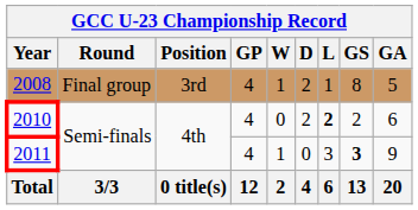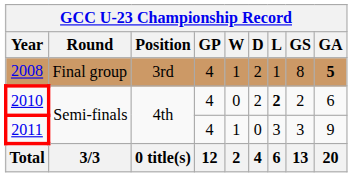 <table class="wikitable" style="text-align:center; font-size:89%;">
 <tr>
 <th colspan=9><a href='#'>GCC U-23 Championship Record</a></th>
 </tr>
 <tr>
 <th>Year</th>
 <th>Round</th>
 <th>Position</th>
 <th>GP</th>
 <th>W</th>
 <th>D</th>
 <th>L</th>
 <th>GS</th>
 <th>GA</th>
 </tr>
 <tr bgcolor="#cc9966">
 <td> <a href='#'>2008</a></td>
 <td>Final group</td>
 <td>3rd</td>
 <td>4</td>
 <td>1</td>
 <td>2</td>
 <td>1</td>
 <td>8</td>
-<td>5</td>
+<td><strong>5</strong></td>
 </tr>
 <tr>
 <td style="border: 3px solid red"> <a href='#'>2010</a></td>
 <td rowspan=2>Semi-finals</td>
 <td rowspan=2>4th</td>
 <td>4</td>
 <td>0</td>
 <td>2</td>
 <td><strong>2</strong></td>
 <td>2</td>
 <td>6</td>
 </tr>
 <tr>
 <td style="border: 3px solid red"> <a href='#'>2011</a></td>
 <td>4</td>
 <td>1</td>
 <td>0</td>
 <td>3</td>
-<td><strong>3</strong></td>
+<td>3</td>
 <td>9</td>
 </tr>
 <tr>
 <th>Total</th>
 <th>3/3</th>
 <th>0 title(s)</th>
 <th>12</th>
 <th>2</th>
 <th>4</th>
 <th>6</th>
 <th>13</th>
 <th>20</th>
 </tr>
 </table>
